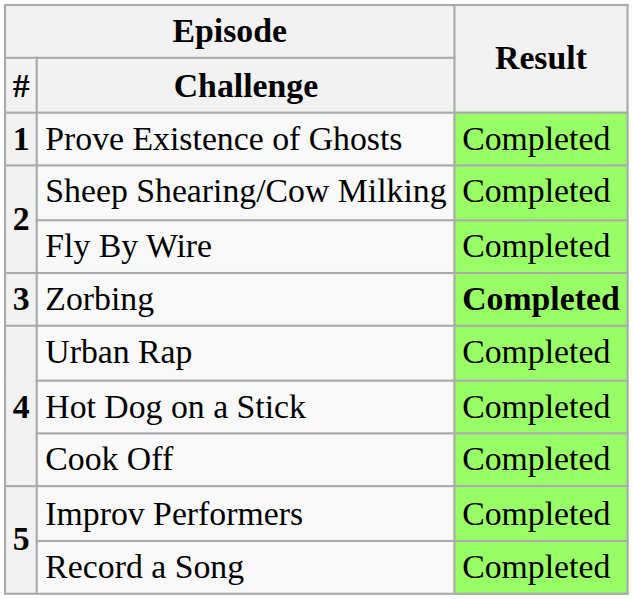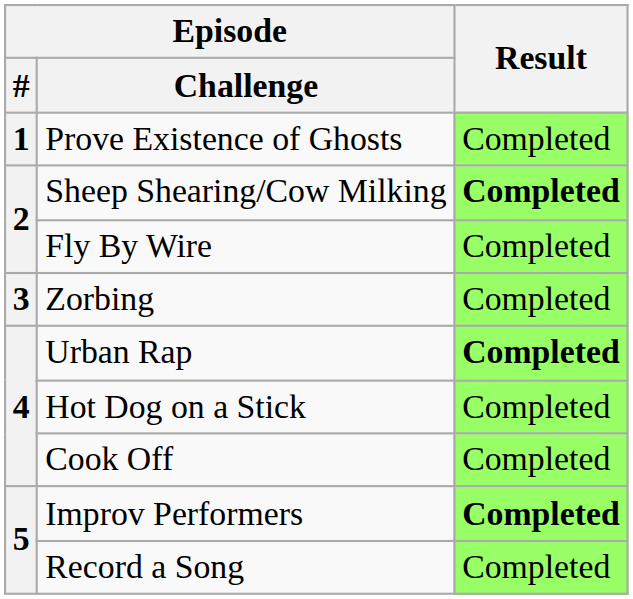 <table class="wikitable">
 <tr>
 <th colspan=2>Episode</th>
 <th rowspan=2>Result</th>
 </tr>
 <tr>
 <th>#</th>
 <th>Challenge</th>
 </tr>
 <tr>
 <th>1</th>
 <td>Prove Existence of Ghosts</td>
 <td bgcolor="#99FF66">Completed</td>
 </tr>
 <tr>
 <th rowspan=2>2</th>
 <td>Sheep Shearing/Cow Milking</td>
-<td bgcolor="#99FF66">Completed</td>
+<td bgcolor="#99FF66"><strong>Completed</strong></td>
 </tr>
 <tr>
 <td>Fly By Wire</td>
 <td bgcolor="#99FF66">Completed</td>
 </tr>
 <tr>
 <th>3</th>
 <td>Zorbing</td>
-<td bgcolor="#99FF66"><strong>Completed</strong></td>
+<td bgcolor="#99FF66">Completed</td>
 </tr>
 <tr>
 <th rowspan=3>4</th>
 <td>Urban Rap</td>
-<td bgcolor="#99FF66">Completed</td>
+<td bgcolor="#99FF66"><strong>Completed</strong></td>
 </tr>
 <tr>
 <td>Hot Dog on a Stick</td>
 <td bgcolor="#99FF66">Completed</td>
 </tr>
 <tr>
 <td>Cook Off</td>
 <td bgcolor="#99FF66">Completed</td>
 </tr>
 <tr>
 <th rowspan=2>5</th>
 <td>Improv Performers</td>
-<td bgcolor="#99FF66">Completed</td>
+<td bgcolor="#99FF66"><strong>Completed</strong></td>
 </tr>
 <tr>
 <td>Record a Song</td>
 <td bgcolor="#99FF66">Completed</td>
 </tr>
 </table>
